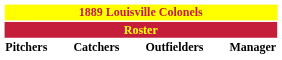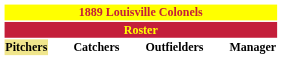 <table class="toccolours" style="font-size: 95%;">
 <tr>
 <th colspan="10" style="background-color: #FFFF00; color: #C41E3A; text-align: center;">1889 Louisville Colonels</th>
 </tr>
 <tr>
 <td colspan="10" style="background-color: #C41E3A; color: yellow; text-align: center;"><strong>Roster</strong></td>
 </tr>
 <tr>
-<td valign="top"><strong>Pitchers</strong><br>     </td>
+<td valign="top" style="background: khaki;"><strong>Pitchers</strong><br>     </td>
 <td width="25px"></td>
 <td valign="top"><strong>Catchers</strong><br>        </td>
 <td width="25px"></td>
 <td valign="top"><strong>Outfielders</strong><br>           </td>
 <td width="25px"></td>
 <td valign="top"><strong>Manager</strong><br>   </td>
 </tr>
 <tr>
 </tr>
 </table>
